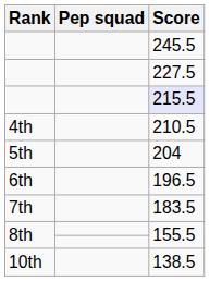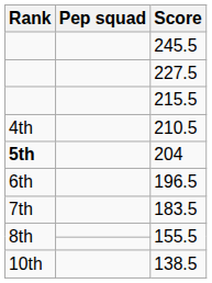 <table class="wikitable">
 <tr>
 <th>Rank</th>
 <th>Pep squad</th>
 <th>Score</th>
 </tr>
 <tr>
 <td></td>
 <td></td>
 <td>245.5</td>
 </tr>
 <tr>
 <td></td>
 <td></td>
 <td>227.5</td>
 </tr>
 <tr>
 <td></td>
 <td></td>
-<td style="background: lavender;">215.5</td>
+<td>215.5</td>
 </tr>
 <tr>
 <td>4th</td>
 <td></td>
 <td>210.5</td>
 </tr>
 <tr>
-<td>5th</td>
+<td><strong>5th</strong></td>
 <td></td>
 <td>204</td>
 </tr>
 <tr>
 <td>6th</td>
 <td></td>
 <td>196.5</td>
 </tr>
 <tr>
 <td>7th</td>
 <td></td>
 <td>183.5</td>
 </tr>
 <tr>
 <td rowspan="2">8th</td>
 <td></td>
 <td rowspan="2">155.5</td>
 </tr>
 <tr>
 <td></td>
 </tr>
 <tr>
 <td>10th</td>
 <td></td>
 <td>138.5</td>
 </tr>
 </table>
